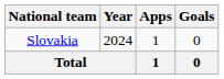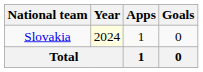 <table class="wikitable" style="text-align: center;">
 <tr>
 <th>National team</th>
 <th>Year</th>
 <th>Apps</th>
 <th>Goals</th>
 </tr>
 <tr>
 <td><a href='#'>Slovakia</a></td>
-<td>2024</td>
+<td style="background: lightyellow;">2024</td>
 <td>1</td>
 <td>0</td>
 </tr>
 <tr>
 <th colspan="2">Total</th>
 <th>1</th>
 <th>0</th>
 </tr>
 </table>
